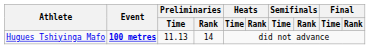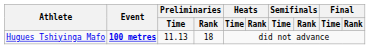 <table class=wikitable style="font-size:90%;">
 <tr>
 <th rowspan=2>Athlete</th>
 <th rowspan=2>Event</th>
 <th colspan=2>Preliminaries</th>
 <th colspan=2>Heats</th>
 <th colspan=2>Semifinals</th>
 <th colspan=2>Final</th>
 </tr>
 <tr>
 <th>Time</th>
 <th>Rank</th>
 <th>Time</th>
 <th>Rank</th>
 <th>Time</th>
 <th>Rank</th>
 <th>Time</th>
 <th>Rank</th>
 </tr>
 <tr>
 <td><a href='#'>Hugues Tshiyinga Mafo</a></td>
 <td><strong><a href='#'>100 metres</a></strong></td>
 <td align="center">11.13</td>
-<td align="center">14</td>
+<td align="center">18</td>
 <td align="center" colspan=6>did not advance</td>
 </tr>
 </table>
